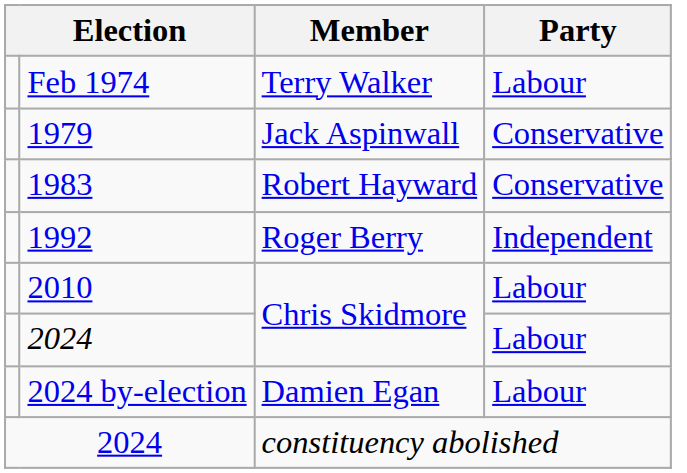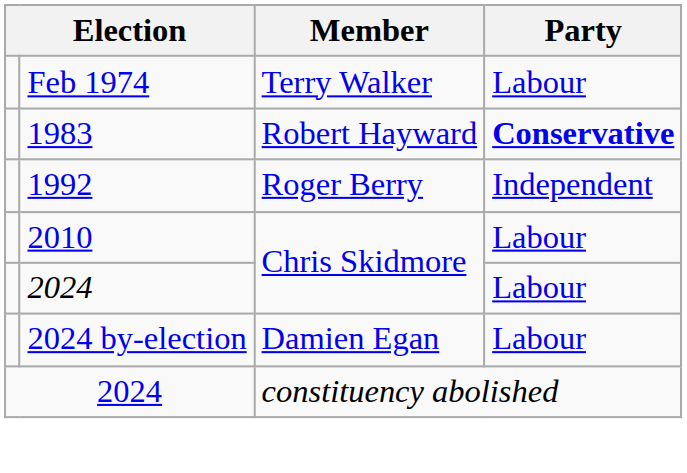 <table class="wikitable">
 <tr>
 <th colspan="2">Election</th>
 <th>Member</th>
 <th>Party</th>
 </tr>
 <tr>
 <td style="color:inherit;background-color: "></td>
 <td><a href='#'>Feb 1974</a></td>
 <td><a href='#'>Terry Walker</a></td>
 <td><a href='#'>Labour</a></td>
 </tr>
 <tr>
 <td style="color:inherit;background-color: "></td>
-<td><a href='#'>1979</a></td>
-<td><a href='#'>Jack Aspinwall</a></td>
-<td><a href='#'>Conservative</a></td>
-</tr>
-<tr>
-<td style="color:inherit;background-color: "></td>
 <td><a href='#'>1983</a></td>
 <td><a href='#'>Robert Hayward</a></td>
-<td><a href='#'>Conservative</a></td>
+<td><strong><a href='#'>Conservative</a></strong></td>
 </tr>
 <tr>
 <td style="color:inherit;background-color: "></td>
 <td><a href='#'>1992</a></td>
 <td><a href='#'>Roger Berry</a></td>
 <td><a href='#'>Independent</a></td>
 </tr>
 <tr>
 <td style="color:inherit;background-color: "></td>
 <td><a href='#'>2010</a></td>
 <td rowspan="2"><a href='#'>Chris Skidmore</a></td>
 <td><a href='#'>Labour</a></td>
 </tr>
 <tr>
 <td style="color:inherit;background-color: "></td>
 <td><em>2024</em></td>
 <td><a href='#'>Labour</a></td>
 </tr>
 <tr>
 <td style="color:inherit;background-color: "></td>
 <td><a href='#'>2024 by-election</a></td>
 <td><a href='#'>Damien Egan</a></td>
 <td><a href='#'>Labour</a></td>
 </tr>
 <tr>
 <td colspan="2" align="center"><a href='#'>2024</a></td>
 <td colspan="2"><em>constituency abolished</em></td>
 </tr>
 </table>
